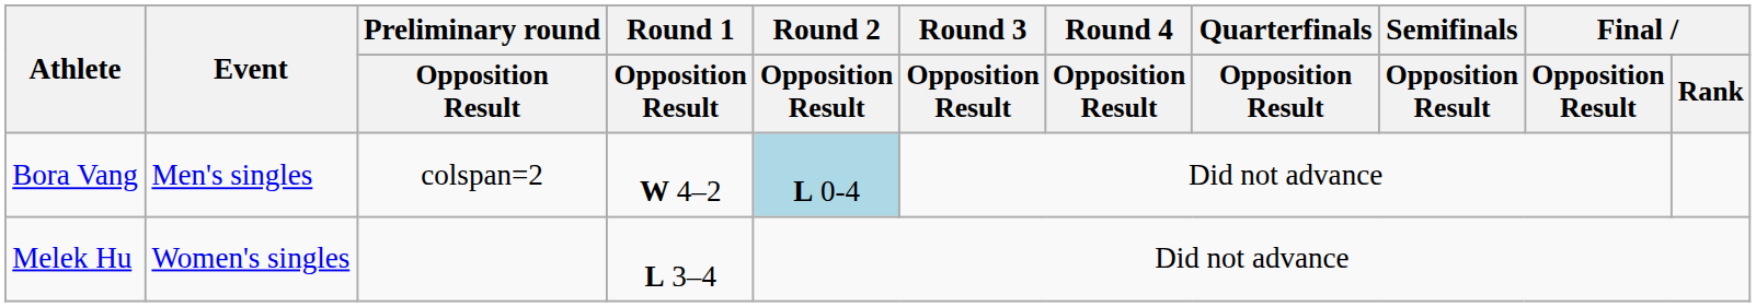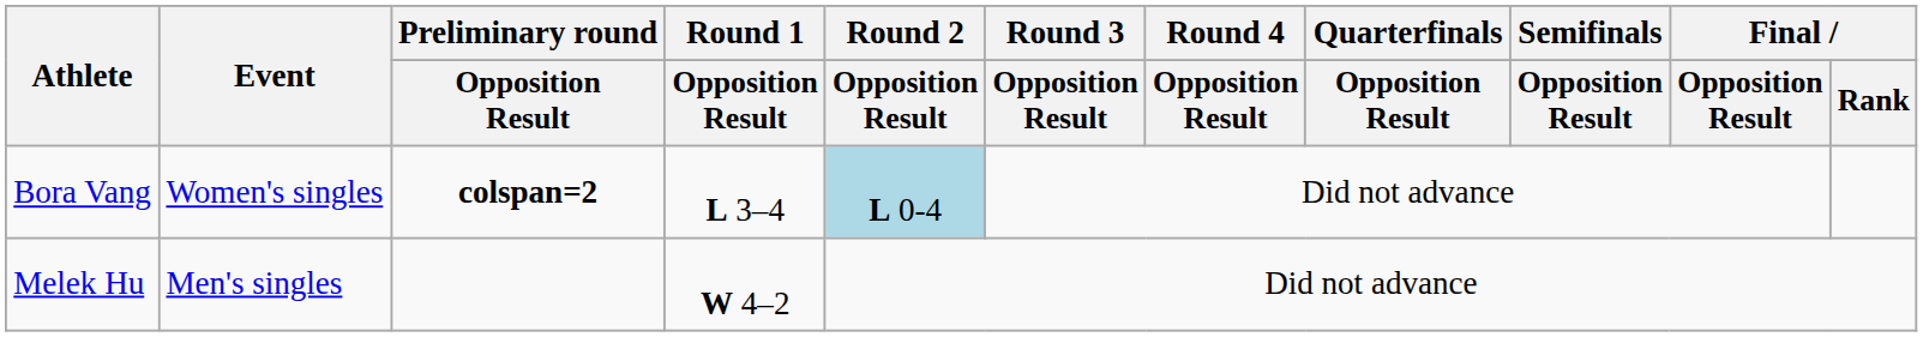 <table class="wikitable" style="font-size:90%">
 <tr>
 <th rowspan="2">Athlete</th>
 <th rowspan="2">Event</th>
 <th>Preliminary round</th>
 <th>Round 1</th>
 <th>Round 2</th>
 <th>Round 3</th>
 <th>Round 4</th>
 <th>Quarterfinals</th>
 <th>Semifinals</th>
 <th colspan=2>Final / </th>
 </tr>
 <tr style="font-size:95%">
 <th>Opposition<br>Result</th>
 <th>Opposition<br>Result</th>
 <th>Opposition<br>Result</th>
 <th>Opposition<br>Result</th>
 <th>Opposition<br>Result</th>
 <th>Opposition<br>Result</th>
 <th>Opposition<br>Result</th>
 <th>Opposition<br>Result</th>
 <th>Rank</th>
 </tr>
 <tr align=center>
 <td align=left><a href='#'>Bora Vang</a></td>
-<td align=left><a href='#'>Men's singles</a></td>
-<td>colspan=2 </td>
-<td><br><strong>W</strong> 4–2</td>
+<td align=left><a href='#'>Women's singles</a></td>
+<td><strong>colspan=2 </strong></td>
+<td><br><strong>L</strong> 3–4</td>
 <td style="background: lightblue;"><br><strong>L</strong> 0-4</td>
 <td colspan=5>Did not advance</td>
 </tr>
 <tr align=center>
 <td align=left><a href='#'>Melek Hu</a></td>
-<td align=left><a href='#'>Women's singles</a></td>
+<td align=left><a href='#'>Men's singles</a></td>
 <td></td>
-<td><br><strong>L</strong> 3–4</td>
+<td><br><strong>W</strong> 4–2</td>
 <td colspan=7>Did not advance</td>
 </tr>
 </table>
